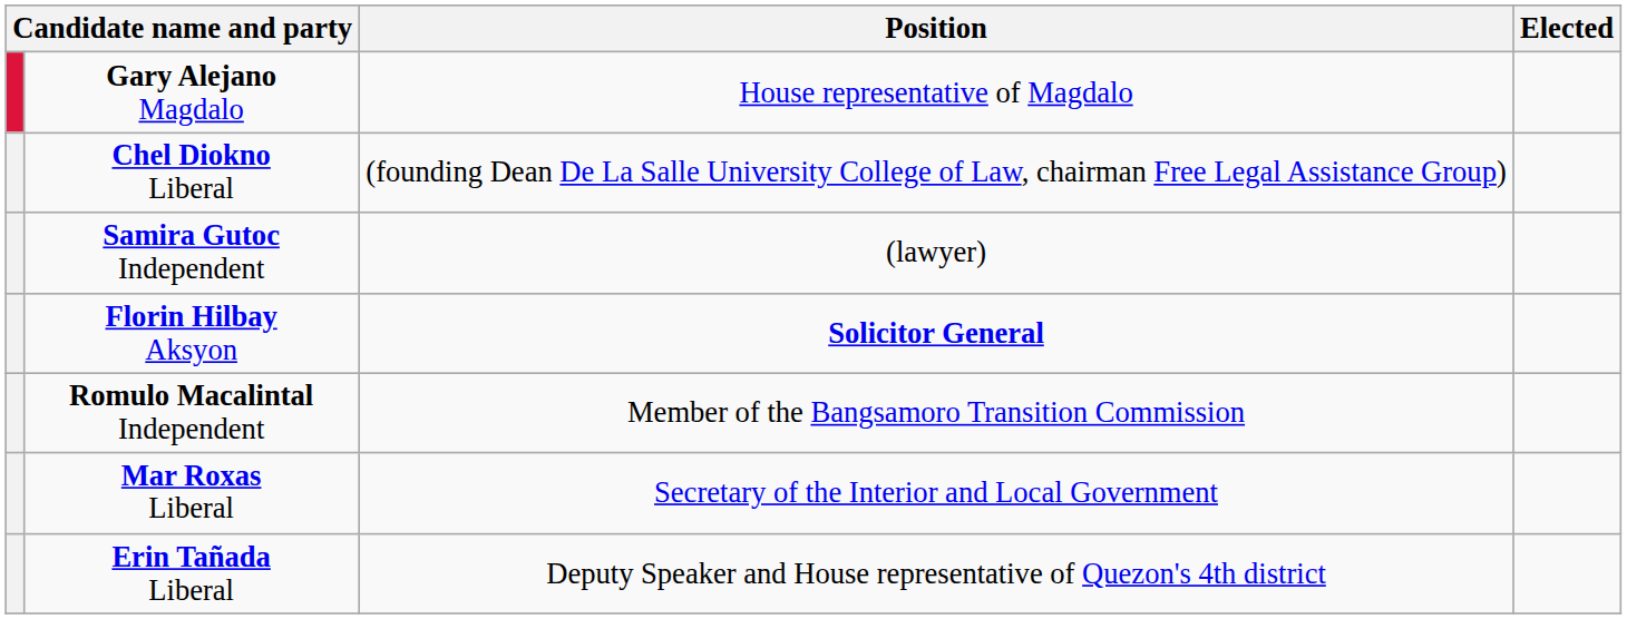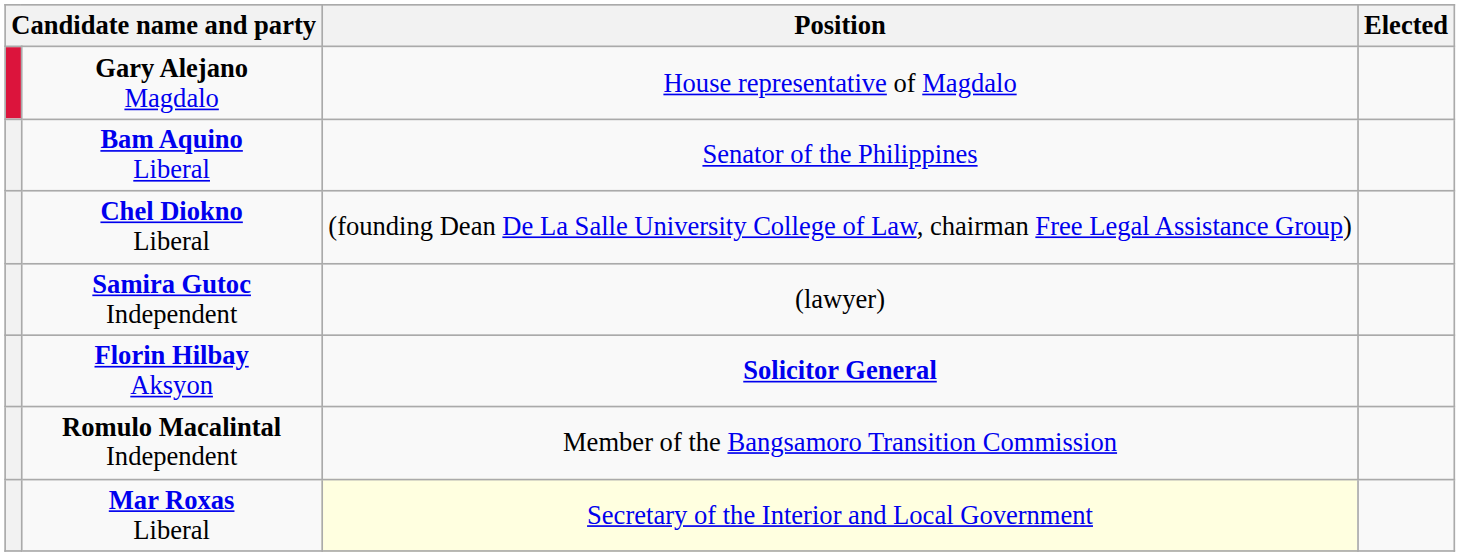 <table class="wikitable" style="margin-left: auto; margin-right: auto; border: none; text-align:center;font-size:100%;">
 <tr>
 <th colspan="2">Candidate name and party</th>
 <th>Position</th>
 <th style="width:15px">Elected</th>
 </tr>
 <tr>
 <th style="background:#DC143C"></th>
 <td><strong>Gary Alejano</strong><br><a href='#'>Magdalo</a></td>
 <td><a href='#'>House representative</a> of <a href='#'>Magdalo</a></td>
+<td></td>
+</tr>
+<tr>
+<th style="background:"></th>
+<td><strong><a href='#'>Bam Aquino</a></strong><br><a href='#'>Liberal</a></td>
+<td><a href='#'>Senator of the Philippines</a></td>
 <td></td>
 </tr>
 <tr>
 <th style="background:"></th>
 <td><strong><a href='#'>Chel Diokno</a></strong><br>Liberal</td>
 <td> (founding Dean <a href='#'>De La Salle University College of Law</a>, chairman <a href='#'>Free Legal Assistance Group</a>)</td>
 <td></td>
 </tr>
 <tr>
 <th></th>
 <td><strong><a href='#'>Samira Gutoc</a></strong><br>Independent</td>
 <td> (lawyer)</td>
 <td></td>
 </tr>
 <tr>
 <th style="background:"></th>
 <td><strong><a href='#'>Florin Hilbay</a></strong><br><a href='#'>Aksyon</a></td>
 <td><strong><a href='#'>Solicitor General</a></strong></td>
 <td></td>
 </tr>
 <tr>
 <th></th>
 <td><strong>Romulo Macalintal</strong><br>Independent</td>
 <td>Member of the <a href='#'>Bangsamoro Transition Commission</a></td>
 <td></td>
 </tr>
 <tr>
 <th style="background:"></th>
 <td><strong><a href='#'>Mar Roxas</a></strong><br>Liberal</td>
-<td><a href='#'>Secretary of the Interior and Local Government</a></td>
-<td></td>
-</tr>
-<tr>
-<th style="background:"></th>
-<td><strong><a href='#'>Erin Tañada</a></strong><br>Liberal</td>
-<td>Deputy Speaker and House representative of <a href='#'>Quezon's 4th district</a></td>
+<td style="background: lightyellow;"><a href='#'>Secretary of the Interior and Local Government</a></td>
 <td></td>
 </tr>
 <tr>
 </tr>
 </table>
